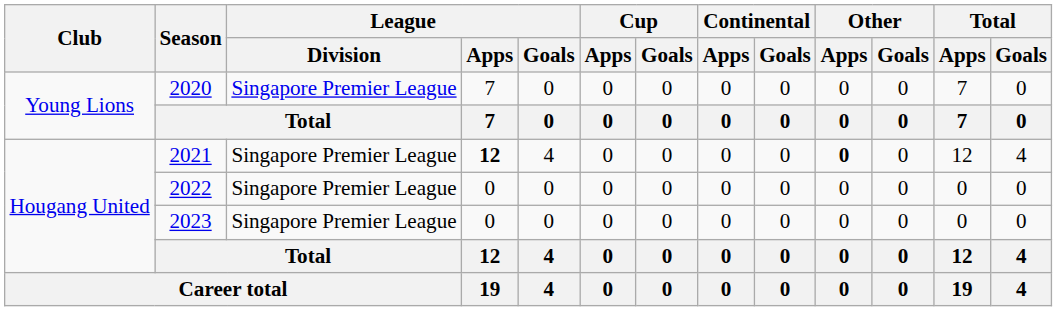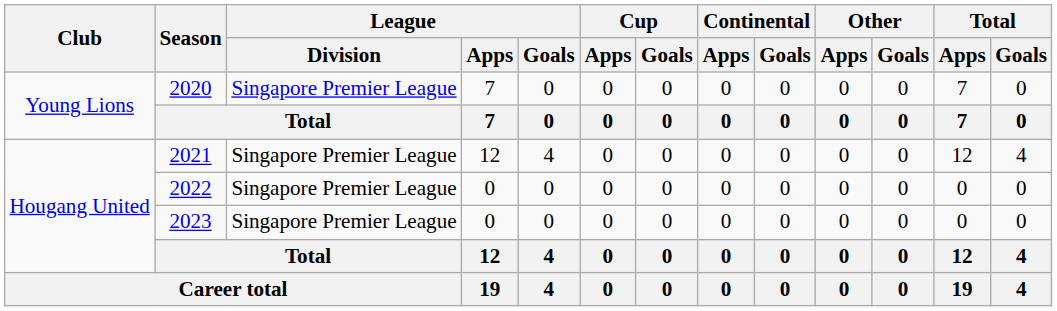 <table class="wikitable" style="text-align: center">
 <tr>
 <th rowspan="2">Club</th>
 <th rowspan="2">Season</th>
 <th colspan="3">League</th>
 <th colspan="2">Cup</th>
 <th colspan="2">Continental</th>
 <th colspan="2">Other</th>
 <th colspan="2">Total</th>
 </tr>
 <tr>
 <th>Division</th>
 <th>Apps</th>
 <th>Goals</th>
 <th>Apps</th>
 <th>Goals</th>
 <th>Apps</th>
 <th>Goals</th>
 <th>Apps</th>
 <th>Goals</th>
 <th>Apps</th>
 <th>Goals</th>
 </tr>
 <tr>
 <td rowspan="2"><a href='#'>Young Lions</a></td>
 <td><a href='#'>2020</a></td>
 <td><a href='#'>Singapore Premier League</a></td>
 <td>7</td>
 <td>0</td>
 <td>0</td>
 <td>0</td>
 <td>0</td>
 <td>0</td>
 <td>0</td>
 <td>0</td>
 <td>7</td>
 <td>0</td>
 </tr>
 <tr>
 <th colspan=2>Total</th>
 <th>7</th>
 <th>0</th>
 <th>0</th>
 <th>0</th>
 <th>0</th>
 <th>0</th>
 <th>0</th>
 <th>0</th>
 <th>7</th>
 <th>0</th>
 </tr>
 <tr>
 <td rowspan="4"><a href='#'>Hougang United</a></td>
 <td><a href='#'>2021</a></td>
 <td>Singapore Premier League</td>
-<td><strong>12</strong></td>
+<td>12</td>
 <td>4</td>
 <td>0</td>
 <td>0</td>
 <td>0</td>
 <td>0</td>
-<td><strong>0</strong></td>
+<td>0</td>
 <td>0</td>
 <td>12</td>
 <td>4</td>
 </tr>
 <tr>
 <td><a href='#'>2022</a></td>
 <td>Singapore Premier League</td>
 <td>0</td>
 <td>0</td>
 <td>0</td>
 <td>0</td>
 <td>0</td>
 <td>0</td>
 <td>0</td>
 <td>0</td>
 <td>0</td>
 <td>0</td>
 </tr>
 <tr>
 <td><a href='#'>2023</a></td>
 <td>Singapore Premier League</td>
 <td>0</td>
 <td>0</td>
 <td>0</td>
 <td>0</td>
 <td>0</td>
 <td>0</td>
 <td>0</td>
 <td>0</td>
 <td>0</td>
 <td>0</td>
 </tr>
 <tr>
 <th colspan=2>Total</th>
 <th>12</th>
 <th>4</th>
 <th>0</th>
 <th>0</th>
 <th>0</th>
 <th>0</th>
 <th>0</th>
 <th>0</th>
 <th>12</th>
 <th>4</th>
 </tr>
 <tr>
 <th colspan=3>Career total</th>
 <th>19</th>
 <th>4</th>
 <th>0</th>
 <th>0</th>
 <th>0</th>
 <th>0</th>
 <th>0</th>
 <th>0</th>
 <th>19</th>
 <th>4</th>
 </tr>
 </table>
